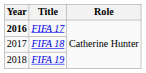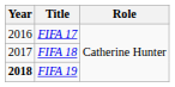 <table class="wikitable sortable">
 <tr>
 <th>Year</th>
 <th>Title</th>
 <th>Role</th>
 </tr>
 <tr>
-<td><strong>2016</strong></td>
+<td>2016</td>
 <td><em><a href='#'>FIFA 17</a></em></td>
 <td rowspan="3">Catherine Hunter</td>
 </tr>
 <tr>
 <td>2017</td>
 <td><em><a href='#'>FIFA 18</a></em></td>
 </tr>
 <tr>
-<td>2018</td>
+<td><strong>2018</strong></td>
 <td><em><a href='#'>FIFA 19</a></em></td>
 </tr>
 </table>
